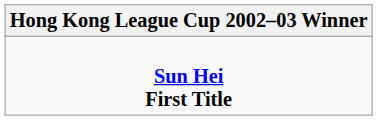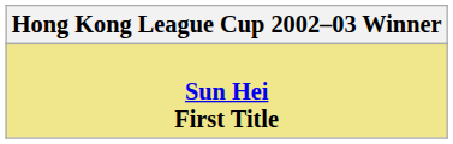 <table class="wikitable" style="text-align: center; margin: 0 auto;">
 <tr>
 <th>Hong Kong League Cup 2002–03 Winner</th>
 </tr>
 <tr>
 </tr>
 <tr>
-<td><br><strong><a href='#'>Sun Hei</a></strong><br><strong>First Title</strong></td>
+<td style="background: khaki;"><br><strong><a href='#'>Sun Hei</a></strong><br><strong>First Title</strong></td>
 </tr>
 </table>
